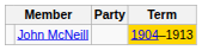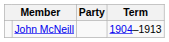 <table class="wikitable">
 <tr>
 <th colspan="2">Member</th>
 <th>Party</th>
 <th>Term</th>
 </tr>
 <tr>
 <td> </td>
 <td><a href='#'>John McNeill</a></td>
 <td></td>
-<td style="background: gold;"><a href='#'>1904</a>–1913</td>
+<td><a href='#'>1904</a>–1913</td>
 </tr>
 </table>
